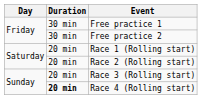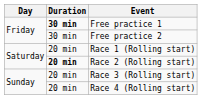 <table class="wikitable">
 <tr>
 <th>Day</th>
 <th>Duration</th>
 <th>Event</th>
 </tr>
 <tr>
 <td rowspan="2">Friday</td>
-<td>30 min</td>
+<td><strong>30 min</strong></td>
 <td>Free practice 1</td>
 </tr>
 <tr>
 <td>30 min</td>
 <td>Free practice 2</td>
 </tr>
 <tr>
 <td rowspan="2">Saturday</td>
 <td>20 min</td>
 <td>Race 1 (Rolling start)</td>
 </tr>
 <tr>
-<td>20 min</td>
+<td><strong>20 min</strong></td>
 <td>Race 2 (Rolling start)</td>
 </tr>
 <tr>
 <td rowspan="2">Sunday</td>
 <td>20 min</td>
 <td>Race 3 (Rolling start)</td>
 </tr>
 <tr>
-<td><strong>20 min</strong></td>
+<td>20 min</td>
 <td>Race 4 (Rolling start)</td>
 </tr>
 </table>
